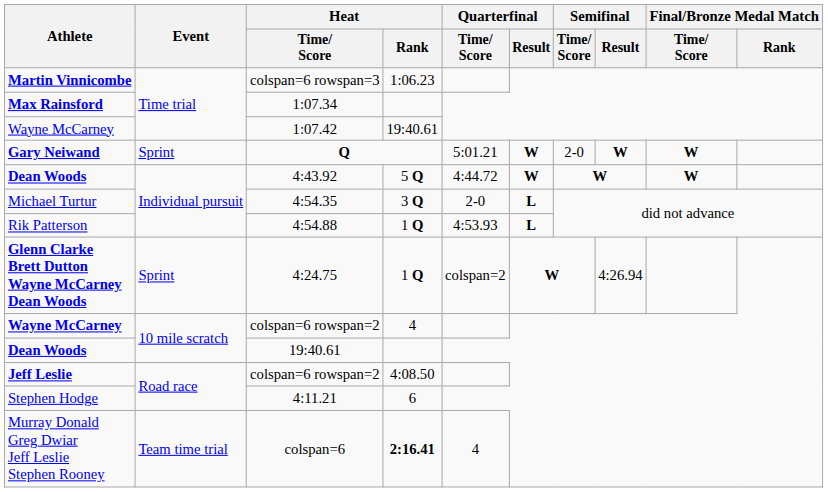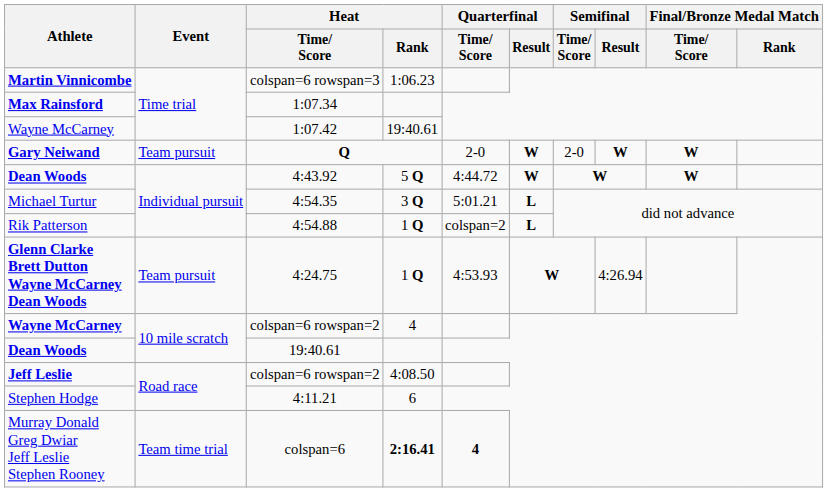 <table class=wikitable style=font-size:90%>
 <tr>
 <th rowspan=2>Athlete</th>
 <th rowspan=2>Event</th>
 <th colspan=2>Heat</th>
 <th colspan=2>Quarterfinal</th>
 <th colspan=2>Semifinal</th>
 <th colspan=2>Final/Bronze Medal Match</th>
 </tr>
 <tr style=font-size:95%>
 <th>Time/<br>Score</th>
 <th>Rank</th>
 <th>Time/<br>Score</th>
 <th>Result</th>
 <th>Time/<br>Score</th>
 <th>Result</th>
 <th>Time/<br>Score</th>
 <th>Rank</th>
 </tr>
 <tr align=center>
 <td align=left><strong><a href='#'>Martin Vinnicombe</a></strong></td>
 <td rowspan=3 align=left><a href='#'>Time trial</a></td>
 <td>colspan=6 rowspan=3 </td>
 <td>1:06.23</td>
 <td></td>
 </tr>
 <tr align=center>
 <td align=left><strong><a href='#'>Max Rainsford</a></strong></td>
 <td>1:07.34</td>
 <td></td>
 </tr>
 <tr align=center>
 <td align=left><a href='#'>Wayne McCarney</a></td>
 <td>1:07.42</td>
 <td>19:40.61</td>
 </tr>
 <tr align=center>
 <td align=left><strong><a href='#'>Gary Neiwand</a></strong></td>
-<td align=left><a href='#'>Sprint</a></td>
+<td align=left><a href='#'>Team pursuit</a></td>
 <td colspan=2><strong>Q</strong></td>
-<td>5:01.21</td>
+<td>2-0</td>
 <td><strong>W</strong></td>
 <td>2-0</td>
 <td><strong>W</strong></td>
 <td><strong>W</strong></td>
 <td></td>
 </tr>
 <tr align=center>
 <td align=left><strong><a href='#'>Dean Woods</a></strong></td>
 <td rowspan=3 align=left><a href='#'>Individual pursuit</a></td>
 <td>4:43.92</td>
 <td>5 <strong>Q</strong></td>
 <td>4:44.72</td>
 <td><strong>W</strong></td>
 <td colspan=2><strong>W</strong></td>
 <td><strong>W</strong></td>
 <td></td>
 </tr>
 <tr align=center>
 <td align=left><a href='#'>Michael Turtur</a></td>
 <td>4:54.35</td>
 <td>3 <strong>Q</strong></td>
-<td>2-0</td>
+<td>5:01.21</td>
 <td><strong>L</strong></td>
 <td colspan=4 rowspan=2>did not advance</td>
 </tr>
 <tr align=center>
 <td align=left><a href='#'>Rik Patterson</a></td>
 <td>4:54.88</td>
 <td>1 <strong>Q</strong></td>
-<td>4:53.93</td>
+<td>colspan=2 </td>
 <td><strong>L</strong></td>
 </tr>
 <tr align=center>
 <td align=left><strong><a href='#'>Glenn Clarke</a></strong><br><strong><a href='#'>Brett Dutton</a></strong><br><strong><a href='#'>Wayne McCarney</a></strong><br><strong><a href='#'>Dean Woods</a></strong></td>
-<td align=left><a href='#'>Sprint</a></td>
+<td align=left><a href='#'>Team pursuit</a></td>
 <td>4:24.75</td>
 <td>1 <strong>Q</strong></td>
-<td>colspan=2 </td>
+<td>4:53.93</td>
 <td colspan=2><strong>W</strong></td>
 <td>4:26.94</td>
 <td></td>
 </tr>
 <tr align=center>
 <td align=left><strong><a href='#'>Wayne McCarney</a></strong></td>
 <td rowspan=2 align=left><a href='#'>10 mile scratch</a></td>
 <td>colspan=6 rowspan=2 </td>
 <td>4</td>
 <td></td>
 </tr>
 <tr align=center>
 <td align=left><strong><a href='#'>Dean Woods</a></strong></td>
 <td>19:40.61</td>
 <td></td>
 </tr>
 <tr align=center>
 <td align=left><strong><a href='#'>Jeff Leslie</a></strong></td>
 <td rowspan=2 align=left><a href='#'>Road race</a></td>
 <td>colspan=6 rowspan=2 </td>
 <td>4:08.50</td>
 <td></td>
 </tr>
 <tr align=center>
 <td align=left><a href='#'>Stephen Hodge</a></td>
 <td>4:11.21</td>
 <td>6</td>
 </tr>
 <tr align=center>
 <td align=left><a href='#'>Murray Donald</a><br><a href='#'>Greg Dwiar</a><br><a href='#'>Jeff Leslie</a><br><a href='#'>Stephen Rooney</a></td>
 <td align=left><a href='#'>Team time trial</a></td>
 <td>colspan=6 </td>
 <td><strong>2:16.41</strong></td>
-<td>4</td>
+<td><strong>4</strong></td>
 </tr>
 </table>
